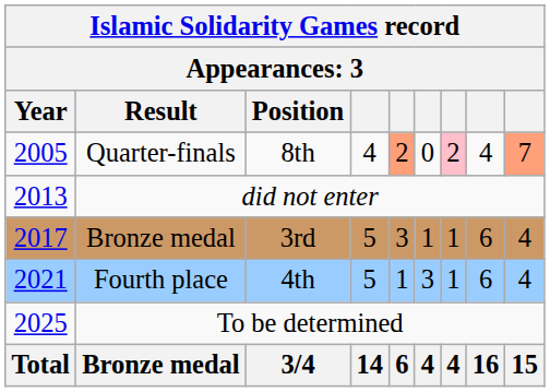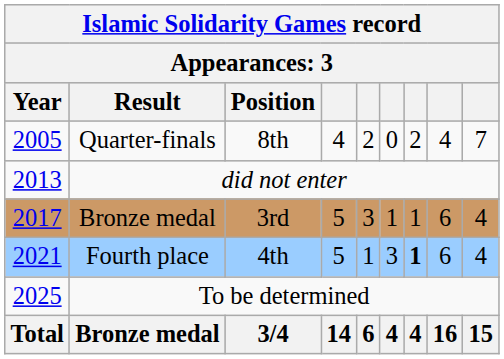 <table class="wikitable" style="text-align: center;font-size:100%;">
 <tr>
 <th colspan=9><a href='#'>Islamic Solidarity Games</a> record</th>
 </tr>
 <tr>
 <th colspan=9>Appearances: 3</th>
 </tr>
 <tr>
 <th>Year</th>
 <th>Result</th>
 <th>Position</th>
 <th></th>
 <th></th>
 <th></th>
 <th></th>
 <th></th>
 <th></th>
 </tr>
 <tr>
 <td> <a href='#'>2005</a></td>
 <td>Quarter-finals</td>
 <td>8th</td>
 <td>4</td>
-<td style="background: lightsalmon;">2</td>
+<td>2</td>
 <td>0</td>
-<td style="background: pink;">2</td>
+<td>2</td>
 <td>4</td>
-<td style="background: lightsalmon;">7</td>
+<td>7</td>
 </tr>
 <tr>
 <td> <a href='#'>2013</a></td>
 <td colspan="8"><em>did not enter</em></td>
 </tr>
 <tr style="background:#c96;">
 <td> <a href='#'>2017</a></td>
 <td>Bronze medal</td>
 <td>3rd</td>
 <td>5</td>
 <td>3</td>
 <td>1</td>
 <td>1</td>
 <td>6</td>
 <td>4</td>
 </tr>
 <tr bgcolor=#9acdff>
 <td> <a href='#'>2021</a></td>
 <td>Fourth place</td>
 <td>4th</td>
 <td>5</td>
 <td>1</td>
 <td>3</td>
-<td>1</td>
+<td><strong>1</strong></td>
 <td>6</td>
 <td>4</td>
 </tr>
 <tr>
 <td> <a href='#'>2025</a></td>
 <td colspan=8>To be determined</td>
 </tr>
 <tr>
 <th>Total</th>
 <th>Bronze medal</th>
 <th>3/4</th>
 <th>14</th>
 <th>6</th>
 <th>4</th>
 <th>4</th>
 <th>16</th>
 <th>15</th>
 </tr>
 </table>
